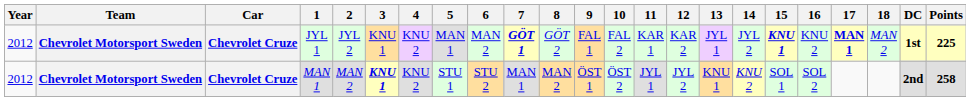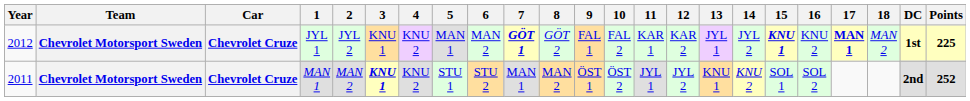 <table class="wikitable" style="text-align:center; font-size:85%">
 <tr>
 <th>Year</th>
 <th>Team</th>
 <th>Car</th>
 <th>1</th>
 <th>2</th>
 <th>3</th>
 <th>4</th>
 <th>5</th>
 <th>6</th>
 <th>7</th>
 <th>8</th>
 <th>9</th>
 <th>10</th>
 <th>11</th>
 <th>12</th>
 <th>13</th>
 <th>14</th>
 <th>15</th>
 <th>16</th>
 <th>17</th>
 <th>18</th>
 <th>DC</th>
 <th>Points</th>
 </tr>
 <tr>
 <td><a href='#'>2012</a></td>
 <th nowrap><a href='#'>Chevrolet Motorsport Sweden</a></th>
 <th nowrap><a href='#'>Chevrolet Cruze</a></th>
 <td style="background:#DFFFDF;"><a href='#'>JYL<br>1</a><br></td>
 <td style="background:#DFFFDF;"><a href='#'>JYL<br>2</a><br></td>
 <td style="background:#FFDF9F;"><a href='#'>KNU<br>1</a><br></td>
 <td style="background:#EFCFFF;"><a href='#'>KNU<br>2</a><br></td>
 <td style="background:#DFDFDF;"><a href='#'>MAN<br>1</a><br></td>
 <td style="background:#DFFFDF;"><a href='#'>MAN<br>2</a><br></td>
 <td style="background:#FFFFBF;"><strong><em><a href='#'>GÖT<br>1</a></em></strong><br></td>
 <td style="background:#DFFFDF;"><em><a href='#'>GÖT<br>2</a></em><br></td>
 <td style="background:#FFDF9F;"><a href='#'>FAL<br>1</a><br></td>
 <td style="background:#DFFFDF;"><a href='#'>FAL<br>2</a><br></td>
 <td style="background:#DFFFDF;"><a href='#'>KAR<br>1</a><br></td>
 <td style="background:#DFFFDF;"><a href='#'>KAR<br>2</a><br></td>
 <td style="background:#EFCFFF;"><a href='#'>JYL<br>1</a><br></td>
 <td style="background:#DFFFDF;"><a href='#'>JYL<br>2</a><br></td>
 <td style="background:#FFFFBF;"><strong><em><a href='#'>KNU<br>1</a></em></strong><br></td>
 <td style="background:#DFFFDF;"><a href='#'>KNU<br>2</a><br></td>
 <td style="background:#FFFFBF;"><strong><a href='#'>MAN<br>1</a></strong><br></td>
 <td style="background:#DFFFDF;"><em><a href='#'>MAN<br>2</a></em><br></td>
 <td style="background:#FFFFBF;"><strong>1st</strong></td>
 <td style="background:#FFFFBF;"><strong>225</strong></td>
 </tr>
 <tr>
-<td><a href='#'>2012</a></td>
+<td><a href='#'>2011</a></td>
 <th nowrap><a href='#'>Chevrolet Motorsport Sweden</a></th>
 <th nowrap><a href='#'>Chevrolet Cruze</a></th>
 <td style="background:#DFDFDF;"><em><a href='#'>MAN<br>1</a></em><br></td>
 <td style="background:#DFDFDF;"><em><a href='#'>MAN<br>2</a></em><br></td>
 <td style="background:#FFFFBF;"><strong><em><a href='#'>KNU<br>1</a></em></strong><br></td>
 <td style="background:#DFDFDF;"><a href='#'>KNU<br>2</a><br></td>
 <td style="background:#DFFFDF;"><a href='#'>STU<br>1</a><br></td>
 <td style="background:#FFDF9F;"><a href='#'>STU<br>2</a><br></td>
 <td style="background:#DFDFDF;"><a href='#'>MAN<br>1</a><br></td>
 <td style="background:#FFDF9F;"><a href='#'>MAN<br>2</a><br></td>
 <td style="background:#FFDF9F;"><a href='#'>ÖST<br>1</a><br></td>
 <td style="background:#DFFFDF;"><a href='#'>ÖST<br>2</a><br></td>
 <td style="background:#DFDFDF;"><a href='#'>JYL<br>1</a><br></td>
 <td style="background:#DFFFDF;"><a href='#'>JYL<br>2</a><br></td>
 <td style="background:#FFDF9F;"><a href='#'>KNU<br>1</a><br></td>
 <td style="background:#FFFFBF;"><em><a href='#'>KNU<br>2</a></em><br></td>
 <td style="background:#DFFFDF;"><a href='#'>SOL<br>1</a><br></td>
 <td style="background:#DFFFDF;"><a href='#'>SOL<br>2</a><br></td>
 <td></td>
 <td></td>
 <td style="background:#DFDFDF;"><strong>2nd</strong></td>
-<td style="background:#DFDFDF;"><strong>258</strong></td>
+<td style="background:#DFDFDF;"><strong>252</strong></td>
 </tr>
 </table>
